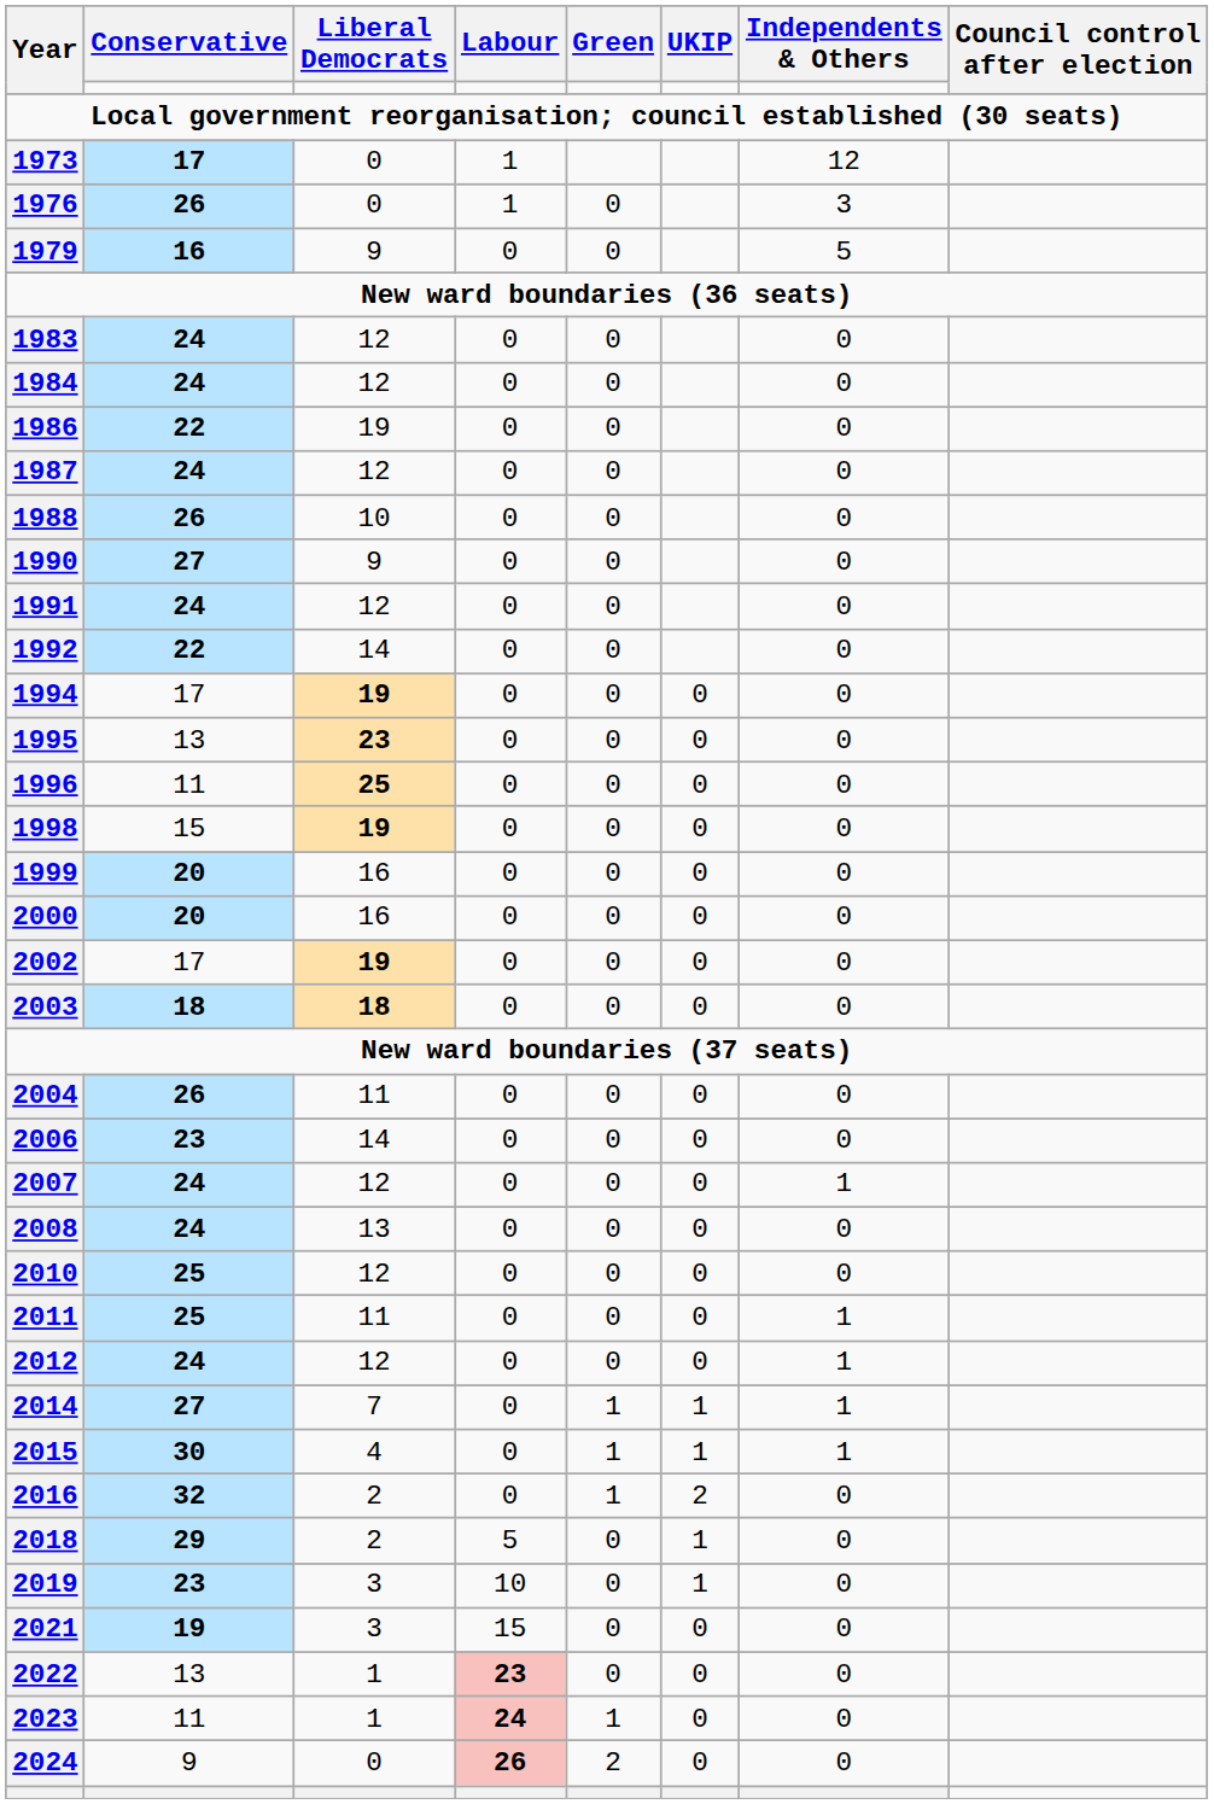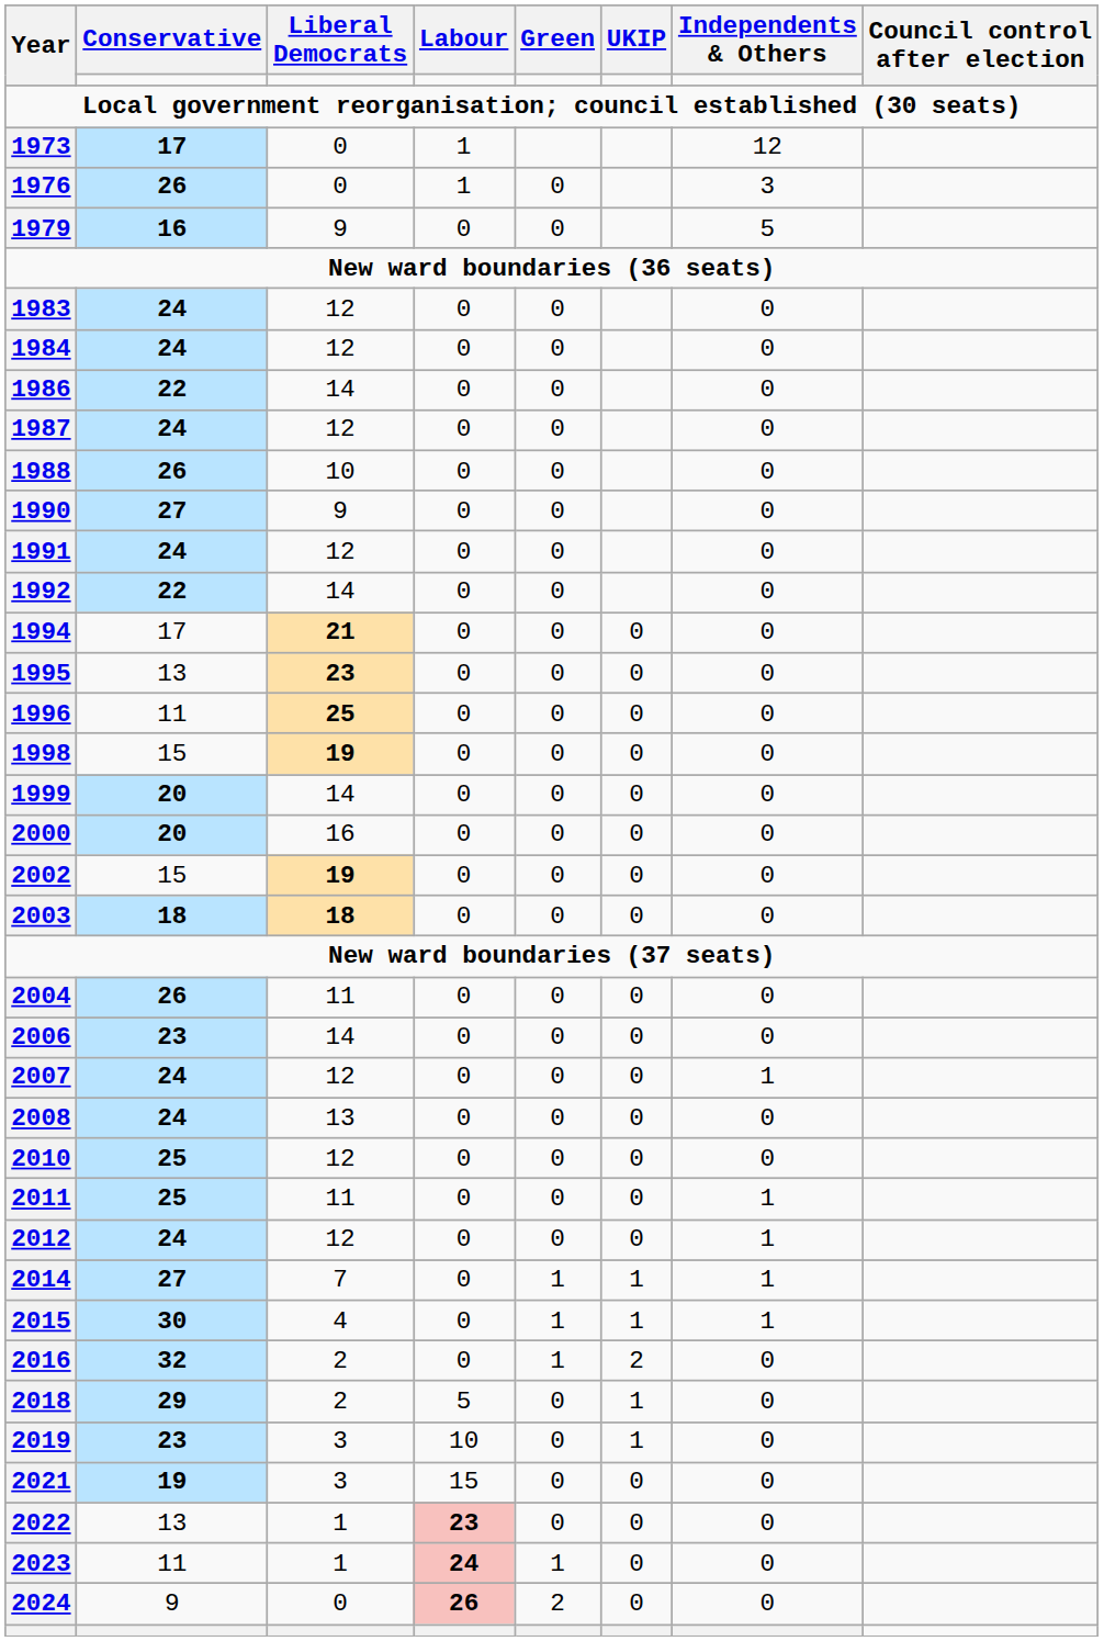 <table class="wikitable plainrowheaders" style="text-align:center">
 <tr>
 <th scope="col" rowspan="2">Year</th>
 <th scope="col"><a href='#'>Conservative</a></th>
 <th scope="col" style="width:1px"><a href='#'>Liberal Democrats</a></th>
 <th scope="col"><a href='#'>Labour</a></th>
 <th scope="col"><a href='#'>Green</a></th>
 <th scope="col"><a href='#'>UKIP</a></th>
 <th scope="col"><a href='#'>Independents</a><br>& Others</th>
 <th scope="col" rowspan="2" colspan="2">Council control<br>after election</th>
 </tr>
 <tr>
 <td style="background:"></td>
 <td style="background:"></td>
 <td style="background:"></td>
 <td style="background:"></td>
 <td style="background:"></td>
 <td style="background:"></td>
 </tr>
 <tr>
 <td colspan="9"><strong>Local government reorganisation; council established (30 seats)</strong></td>
 </tr>
 <tr>
 <th scope="row"><a href='#'>1973</a></th>
 <td style="background:#B9E4FF;"><strong>17</strong></td>
 <td>0</td>
 <td>1</td>
 <td></td>
 <td></td>
 <td>12</td>
 <td></td>
 </tr>
 <tr>
 <th scope="row"><a href='#'>1976</a></th>
 <td style="background:#B9E4FF;"><strong>26</strong></td>
 <td>0</td>
 <td>1</td>
 <td>0</td>
 <td></td>
 <td>3</td>
 <td></td>
 </tr>
 <tr>
 <th scope="row"><a href='#'>1979</a></th>
 <td style="background:#B9E4FF;"><strong>16</strong></td>
 <td>9</td>
 <td>0</td>
 <td>0</td>
 <td></td>
 <td>5</td>
 <td></td>
 </tr>
 <tr>
 <td colspan="9"><strong>New ward boundaries (36 seats)</strong></td>
 </tr>
 <tr>
 <th scope="row"><a href='#'>1983</a></th>
 <td style="background:#B9E4FF;"><strong>24</strong></td>
 <td>12</td>
 <td>0</td>
 <td>0</td>
 <td></td>
 <td>0</td>
 <td></td>
 </tr>
 <tr>
 <th scope="row"><a href='#'>1984</a></th>
 <td style="background:#B9E4FF;"><strong>24</strong></td>
 <td>12</td>
 <td>0</td>
 <td>0</td>
 <td></td>
 <td>0</td>
 <td></td>
 </tr>
 <tr>
 <th scope="row"><a href='#'>1986</a></th>
 <td style="background:#B9E4FF;"><strong>22</strong></td>
-<td>19</td>
+<td>14</td>
 <td>0</td>
 <td>0</td>
 <td></td>
 <td>0</td>
 <td></td>
 </tr>
 <tr>
 <th scope="row"><a href='#'>1987</a></th>
 <td style="background:#B9E4FF;"><strong>24</strong></td>
 <td>12</td>
 <td>0</td>
 <td>0</td>
 <td></td>
 <td>0</td>
 <td></td>
 </tr>
 <tr>
 <th scope="row"><a href='#'>1988</a></th>
 <td style="background:#B9E4FF;"><strong>26</strong></td>
 <td>10</td>
 <td>0</td>
 <td>0</td>
 <td></td>
 <td>0</td>
 <td></td>
 </tr>
 <tr>
 <th scope="row"><a href='#'>1990</a></th>
 <td style="background:#B9E4FF;"><strong>27</strong></td>
 <td>9</td>
 <td>0</td>
 <td>0</td>
 <td></td>
 <td>0</td>
 <td></td>
 </tr>
 <tr>
 <th scope="row"><a href='#'>1991</a></th>
 <td style="background:#B9E4FF;"><strong>24</strong></td>
 <td>12</td>
 <td>0</td>
 <td>0</td>
 <td></td>
 <td>0</td>
 <td></td>
 </tr>
 <tr>
 <th scope="row"><a href='#'>1992</a></th>
 <td style="background:#B9E4FF;"><strong>22</strong></td>
 <td>14</td>
 <td>0</td>
 <td>0</td>
 <td></td>
 <td>0</td>
 <td></td>
 </tr>
 <tr>
 <th scope="row"><a href='#'>1994</a></th>
 <td>17</td>
-<td style="background:#FEE1A8"><strong>19</strong></td>
+<td style="background:#FEE1A8"><strong>21</strong></td>
 <td>0</td>
 <td>0</td>
 <td>0</td>
 <td>0</td>
 <td></td>
 </tr>
 <tr>
 <th scope="row"><a href='#'>1995</a></th>
 <td>13</td>
 <td style="background:#FEE1A8"><strong>23</strong></td>
 <td>0</td>
 <td>0</td>
 <td>0</td>
 <td>0</td>
 <td></td>
 </tr>
 <tr>
 <th scope="row"><a href='#'>1996</a></th>
 <td>11</td>
 <td style="background:#FEE1A8"><strong>25</strong></td>
 <td>0</td>
 <td>0</td>
 <td>0</td>
 <td>0</td>
 <td></td>
 </tr>
 <tr>
 <th scope="row"><a href='#'>1998</a></th>
 <td>15</td>
 <td style="background:#FEE1A8"><strong>19</strong></td>
 <td>0</td>
 <td>0</td>
 <td>0</td>
 <td>0</td>
 <td></td>
 </tr>
 <tr>
 <th scope="row"><a href='#'>1999</a></th>
 <td style="background:#B9E4FF;"><strong>20</strong></td>
-<td>16</td>
+<td>14</td>
 <td>0</td>
 <td>0</td>
 <td>0</td>
 <td>0</td>
 <td></td>
 </tr>
 <tr>
 <th scope="row"><a href='#'>2000</a></th>
 <td style="background:#B9E4FF;"><strong>20</strong></td>
 <td>16</td>
 <td>0</td>
 <td>0</td>
 <td>0</td>
 <td>0</td>
 <td></td>
 </tr>
 <tr>
 <th scope="row"><a href='#'>2002</a></th>
-<td>17</td>
+<td>15</td>
 <td style="background:#FEE1A8"><strong>19</strong></td>
 <td>0</td>
 <td>0</td>
 <td>0</td>
 <td>0</td>
 <td></td>
 </tr>
 <tr>
 <th scope="row"><a href='#'>2003</a></th>
 <td style="background:#B9E4FF;"><strong>18</strong></td>
 <td style="background:#FEE1A8"><strong>18</strong></td>
 <td>0</td>
 <td>0</td>
 <td>0</td>
 <td>0</td>
 <td></td>
 </tr>
 <tr>
 <td colspan="9"><strong>New ward boundaries (37 seats)</strong></td>
 </tr>
 <tr>
 <th scope="row"><a href='#'>2004</a></th>
 <td style="background:#B9E4FF;"><strong>26</strong></td>
 <td>11</td>
 <td>0</td>
 <td>0</td>
 <td>0</td>
 <td>0</td>
 <td></td>
 </tr>
 <tr>
 <th scope="row"><a href='#'>2006</a></th>
 <td style="background:#B9E4FF;"><strong>23</strong></td>
 <td>14</td>
 <td>0</td>
 <td>0</td>
 <td>0</td>
 <td>0</td>
 <td></td>
 </tr>
 <tr>
 <th scope="row"><a href='#'>2007</a></th>
 <td style="background:#B9E4FF;"><strong>24</strong></td>
 <td>12</td>
 <td>0</td>
 <td>0</td>
 <td>0</td>
 <td>1</td>
 <td></td>
 </tr>
 <tr>
 <th scope="row"><a href='#'>2008</a></th>
 <td style="background:#B9E4FF;"><strong>24</strong></td>
 <td>13</td>
 <td>0</td>
 <td>0</td>
 <td>0</td>
 <td>0</td>
 <td></td>
 </tr>
 <tr>
 <th scope="row"><a href='#'>2010</a></th>
 <td style="background:#B9E4FF;"><strong>25</strong></td>
 <td>12</td>
 <td>0</td>
 <td>0</td>
 <td>0</td>
 <td>0</td>
 <td></td>
 </tr>
 <tr>
 <th scope="row"><a href='#'>2011</a></th>
 <td style="background:#B9E4FF;"><strong>25</strong></td>
 <td>11</td>
 <td>0</td>
 <td>0</td>
 <td>0</td>
 <td>1</td>
 <td></td>
 </tr>
 <tr>
 <th scope="row"><a href='#'>2012</a></th>
 <td style="background:#B9E4FF;"><strong>24</strong></td>
 <td>12</td>
 <td>0</td>
 <td>0</td>
 <td>0</td>
 <td>1</td>
 <td></td>
 </tr>
 <tr>
 <th scope="row"><a href='#'>2014</a></th>
 <td style="background:#B9E4FF;"><strong>27</strong></td>
 <td>7</td>
 <td>0</td>
 <td>1</td>
 <td>1</td>
 <td>1</td>
 <td></td>
 </tr>
 <tr>
 <th scope="row"><a href='#'>2015</a></th>
 <td style="background:#B9E4FF;"><strong>30</strong></td>
 <td>4</td>
 <td>0</td>
 <td>1</td>
 <td>1</td>
 <td>1</td>
 <td></td>
 </tr>
 <tr>
 <th scope="row"><a href='#'>2016</a></th>
 <td style="background:#B9E4FF;"><strong>32</strong></td>
 <td>2</td>
 <td>0</td>
 <td>1</td>
 <td>2</td>
 <td>0</td>
 <td></td>
 </tr>
 <tr>
 <th scope="row"><a href='#'>2018</a></th>
 <td style="background:#B9E4FF;"><strong>29</strong></td>
 <td>2</td>
 <td>5</td>
 <td>0</td>
 <td>1</td>
 <td>0</td>
 <td></td>
 </tr>
 <tr>
 <th scope="row"><a href='#'>2019</a></th>
 <td style="background:#B9E4FF;"><strong>23</strong></td>
 <td>3</td>
 <td>10</td>
 <td>0</td>
 <td>1</td>
 <td>0</td>
 <td></td>
 </tr>
 <tr>
 <th scope="row"><a href='#'>2021</a></th>
 <td style="background:#B9E4FF;"><strong>19</strong></td>
 <td>3</td>
 <td>15</td>
 <td>0</td>
 <td>0</td>
 <td>0</td>
 <td></td>
 </tr>
 <tr>
 <th scope="row"><a href='#'>2022</a></th>
 <td>13</td>
 <td>1</td>
 <td style="background:#F8C1BE;"><strong>23</strong></td>
 <td>0</td>
 <td>0</td>
 <td>0</td>
 <td></td>
 </tr>
 <tr>
 <th scope="row"><a href='#'>2023</a></th>
 <td>11</td>
 <td>1</td>
 <td style="background:#F8C1BE;"><strong>24</strong></td>
 <td>1</td>
 <td>0</td>
 <td>0</td>
 <td></td>
 </tr>
 <tr>
 <th scope="row"><a href='#'>2024</a></th>
 <td>9</td>
 <td>0</td>
 <td style="background:#F8C1BE;"><strong>26</strong></td>
 <td>2</td>
 <td>0</td>
 <td>0</td>
 <td></td>
 </tr>
 <tr>
 <th></th>
 <th style="background-color: "></th>
 <th style="background-color: "></th>
 <th style="background-color: "></th>
 <th style="background-color: "></th>
 <th style="background-color: "></th>
 <th style="background-color: "></th>
 </tr>
 </table>
